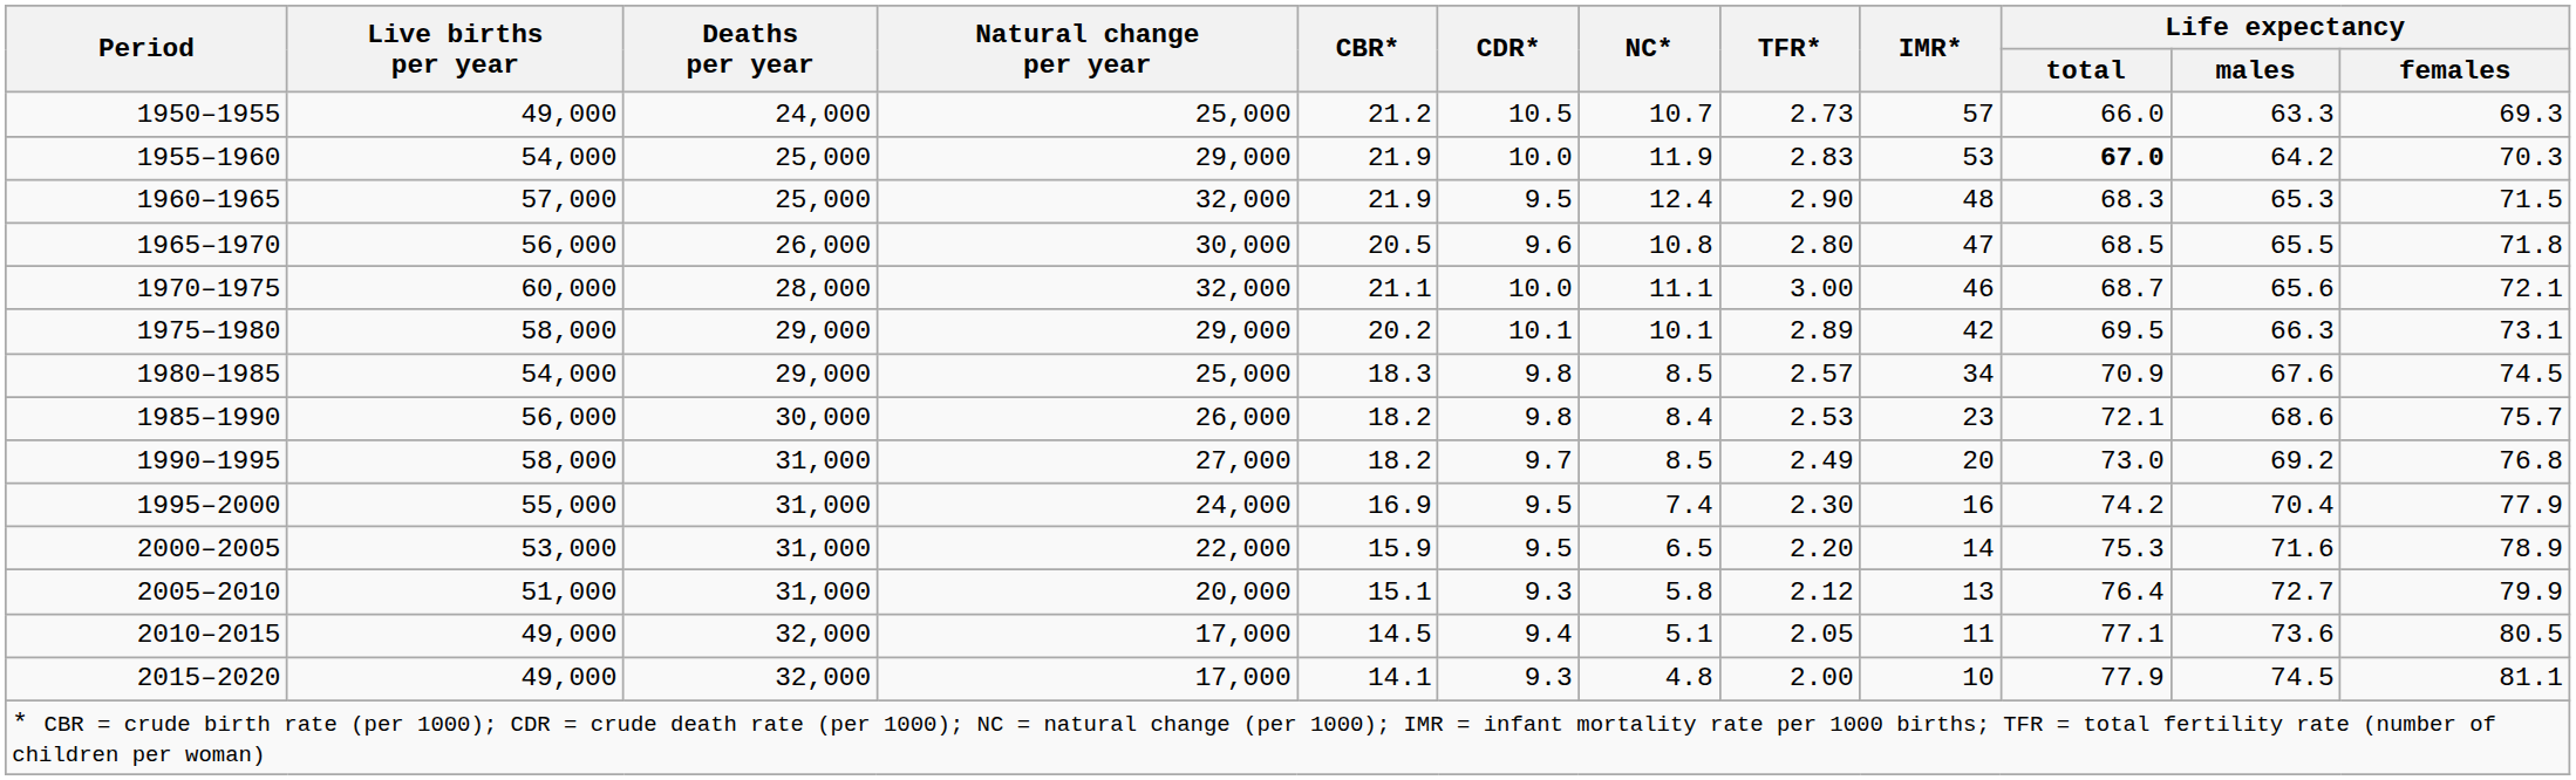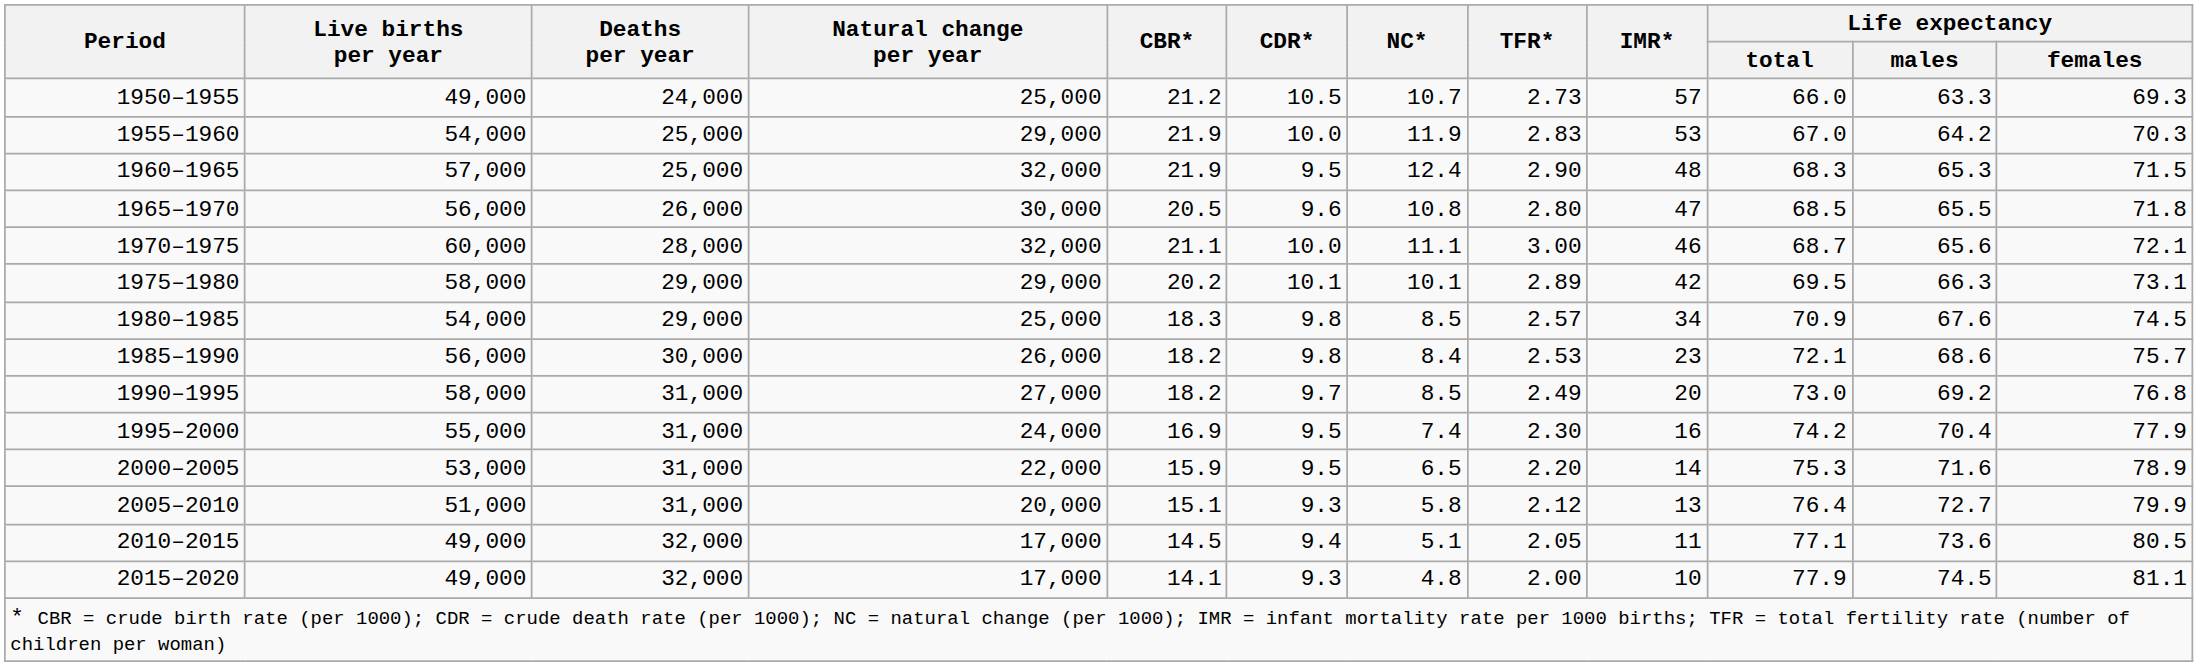 <table class="wikitable" style="text-align: right;">
 <tr>
 <th rowspan=2>Period</th>
 <th rowspan=2>Live births<br>per year</th>
 <th rowspan=2>Deaths<br>per year</th>
 <th rowspan=2>Natural change<br>per year</th>
 <th rowspan=2>CBR*</th>
 <th rowspan=2>CDR*</th>
 <th rowspan=2>NC*</th>
 <th rowspan=2>TFR*</th>
 <th rowspan=2>IMR*</th>
 <th colspan=3>Life expectancy</th>
 </tr>
 <tr>
 <th>total</th>
 <th>males</th>
 <th>females</th>
 </tr>
 <tr>
 <td>1950–1955</td>
 <td>49,000</td>
 <td>24,000</td>
 <td>25,000</td>
 <td>21.2</td>
 <td>10.5</td>
 <td>10.7</td>
 <td>2.73</td>
 <td>57</td>
 <td>66.0</td>
 <td>63.3</td>
 <td>69.3</td>
 </tr>
 <tr>
 <td>1955–1960</td>
 <td>54,000</td>
 <td>25,000</td>
 <td>29,000</td>
 <td>21.9</td>
 <td>10.0</td>
 <td>11.9</td>
 <td>2.83</td>
 <td>53</td>
-<td><strong>67.0</strong></td>
+<td>67.0</td>
 <td>64.2</td>
 <td>70.3</td>
 </tr>
 <tr>
 <td>1960–1965</td>
 <td>57,000</td>
 <td>25,000</td>
 <td>32,000</td>
 <td>21.9</td>
 <td>9.5</td>
 <td>12.4</td>
 <td>2.90</td>
 <td>48</td>
 <td>68.3</td>
 <td>65.3</td>
 <td>71.5</td>
 </tr>
 <tr>
 <td>1965–1970</td>
 <td>56,000</td>
 <td>26,000</td>
 <td>30,000</td>
 <td>20.5</td>
 <td>9.6</td>
 <td>10.8</td>
 <td>2.80</td>
 <td>47</td>
 <td>68.5</td>
 <td>65.5</td>
 <td>71.8</td>
 </tr>
 <tr>
 <td>1970–1975</td>
 <td>60,000</td>
 <td>28,000</td>
 <td>32,000</td>
 <td>21.1</td>
 <td>10.0</td>
 <td>11.1</td>
 <td>3.00</td>
 <td>46</td>
 <td>68.7</td>
 <td>65.6</td>
 <td>72.1</td>
 </tr>
 <tr>
 <td>1975–1980</td>
 <td>58,000</td>
 <td>29,000</td>
 <td>29,000</td>
 <td>20.2</td>
 <td>10.1</td>
 <td>10.1</td>
 <td>2.89</td>
 <td>42</td>
 <td>69.5</td>
 <td>66.3</td>
 <td>73.1</td>
 </tr>
 <tr>
 <td>1980–1985</td>
 <td>54,000</td>
 <td>29,000</td>
 <td>25,000</td>
 <td>18.3</td>
 <td>9.8</td>
 <td>8.5</td>
 <td>2.57</td>
 <td>34</td>
 <td>70.9</td>
 <td>67.6</td>
 <td>74.5</td>
 </tr>
 <tr>
 <td>1985–1990</td>
 <td>56,000</td>
 <td>30,000</td>
 <td>26,000</td>
 <td>18.2</td>
 <td>9.8</td>
 <td>8.4</td>
 <td>2.53</td>
 <td>23</td>
 <td>72.1</td>
 <td>68.6</td>
 <td>75.7</td>
 </tr>
 <tr>
 <td>1990–1995</td>
 <td>58,000</td>
 <td>31,000</td>
 <td>27,000</td>
 <td>18.2</td>
 <td>9.7</td>
 <td>8.5</td>
 <td>2.49</td>
 <td>20</td>
 <td>73.0</td>
 <td>69.2</td>
 <td>76.8</td>
 </tr>
 <tr>
 <td>1995–2000</td>
 <td>55,000</td>
 <td>31,000</td>
 <td>24,000</td>
 <td>16.9</td>
 <td>9.5</td>
 <td>7.4</td>
 <td>2.30</td>
 <td>16</td>
 <td>74.2</td>
 <td>70.4</td>
 <td>77.9</td>
 </tr>
 <tr>
 <td>2000–2005</td>
 <td>53,000</td>
 <td>31,000</td>
 <td>22,000</td>
 <td>15.9</td>
 <td>9.5</td>
 <td>6.5</td>
 <td>2.20</td>
 <td>14</td>
 <td>75.3</td>
 <td>71.6</td>
 <td>78.9</td>
 </tr>
 <tr>
 <td>2005–2010</td>
 <td>51,000</td>
 <td>31,000</td>
 <td>20,000</td>
 <td>15.1</td>
 <td>9.3</td>
 <td>5.8</td>
 <td>2.12</td>
 <td>13</td>
 <td>76.4</td>
 <td>72.7</td>
 <td>79.9</td>
 </tr>
 <tr>
 <td>2010–2015</td>
 <td>49,000</td>
 <td>32,000</td>
 <td>17,000</td>
 <td>14.5</td>
 <td>9.4</td>
 <td>5.1</td>
 <td>2.05</td>
 <td>11</td>
 <td>77.1</td>
 <td>73.6</td>
 <td>80.5</td>
 </tr>
 <tr>
 <td>2015–2020</td>
 <td>49,000</td>
 <td>32,000</td>
 <td>17,000</td>
 <td>14.1</td>
 <td>9.3</td>
 <td>4.8</td>
 <td>2.00</td>
 <td>10</td>
 <td>77.9</td>
 <td>74.5</td>
 <td>81.1</td>
 </tr>
 <tr>
 <td align="left" colspan="12">* <small> CBR = crude birth rate (per 1000); CDR = crude death rate (per 1000); NC = natural change (per 1000); IMR = infant mortality rate per 1000 births; TFR = total fertility rate (number of children per woman)</small></td>
 </tr>
 </table>
